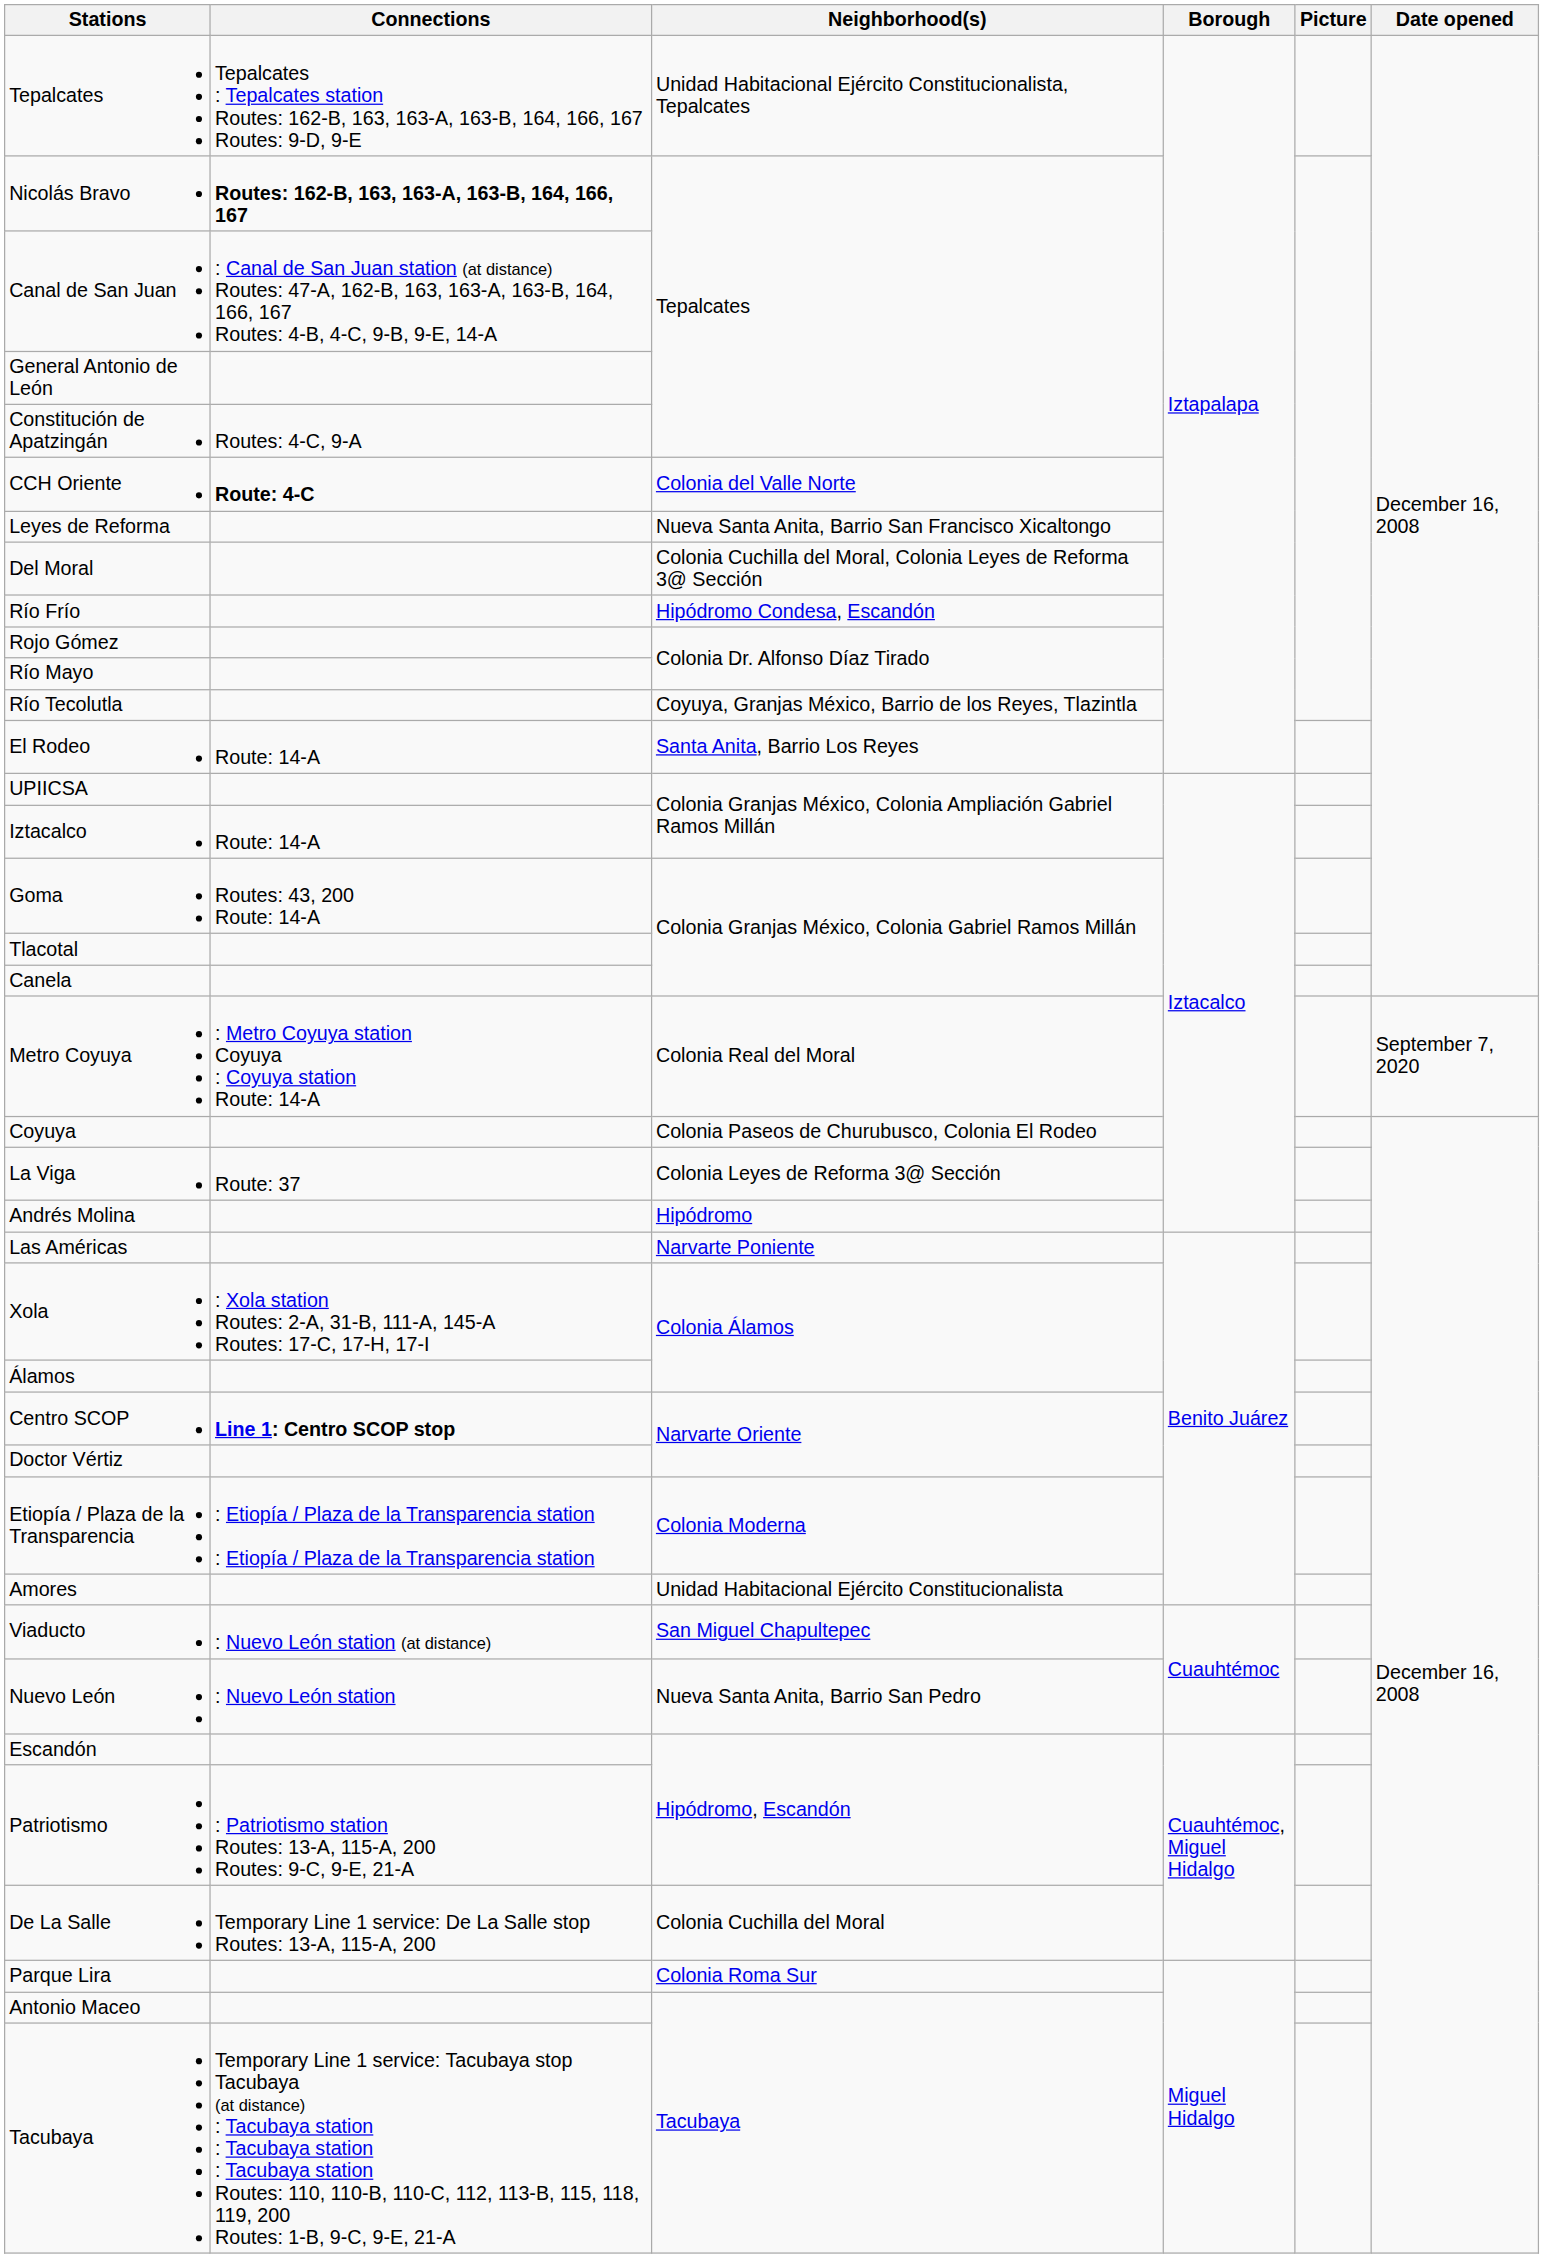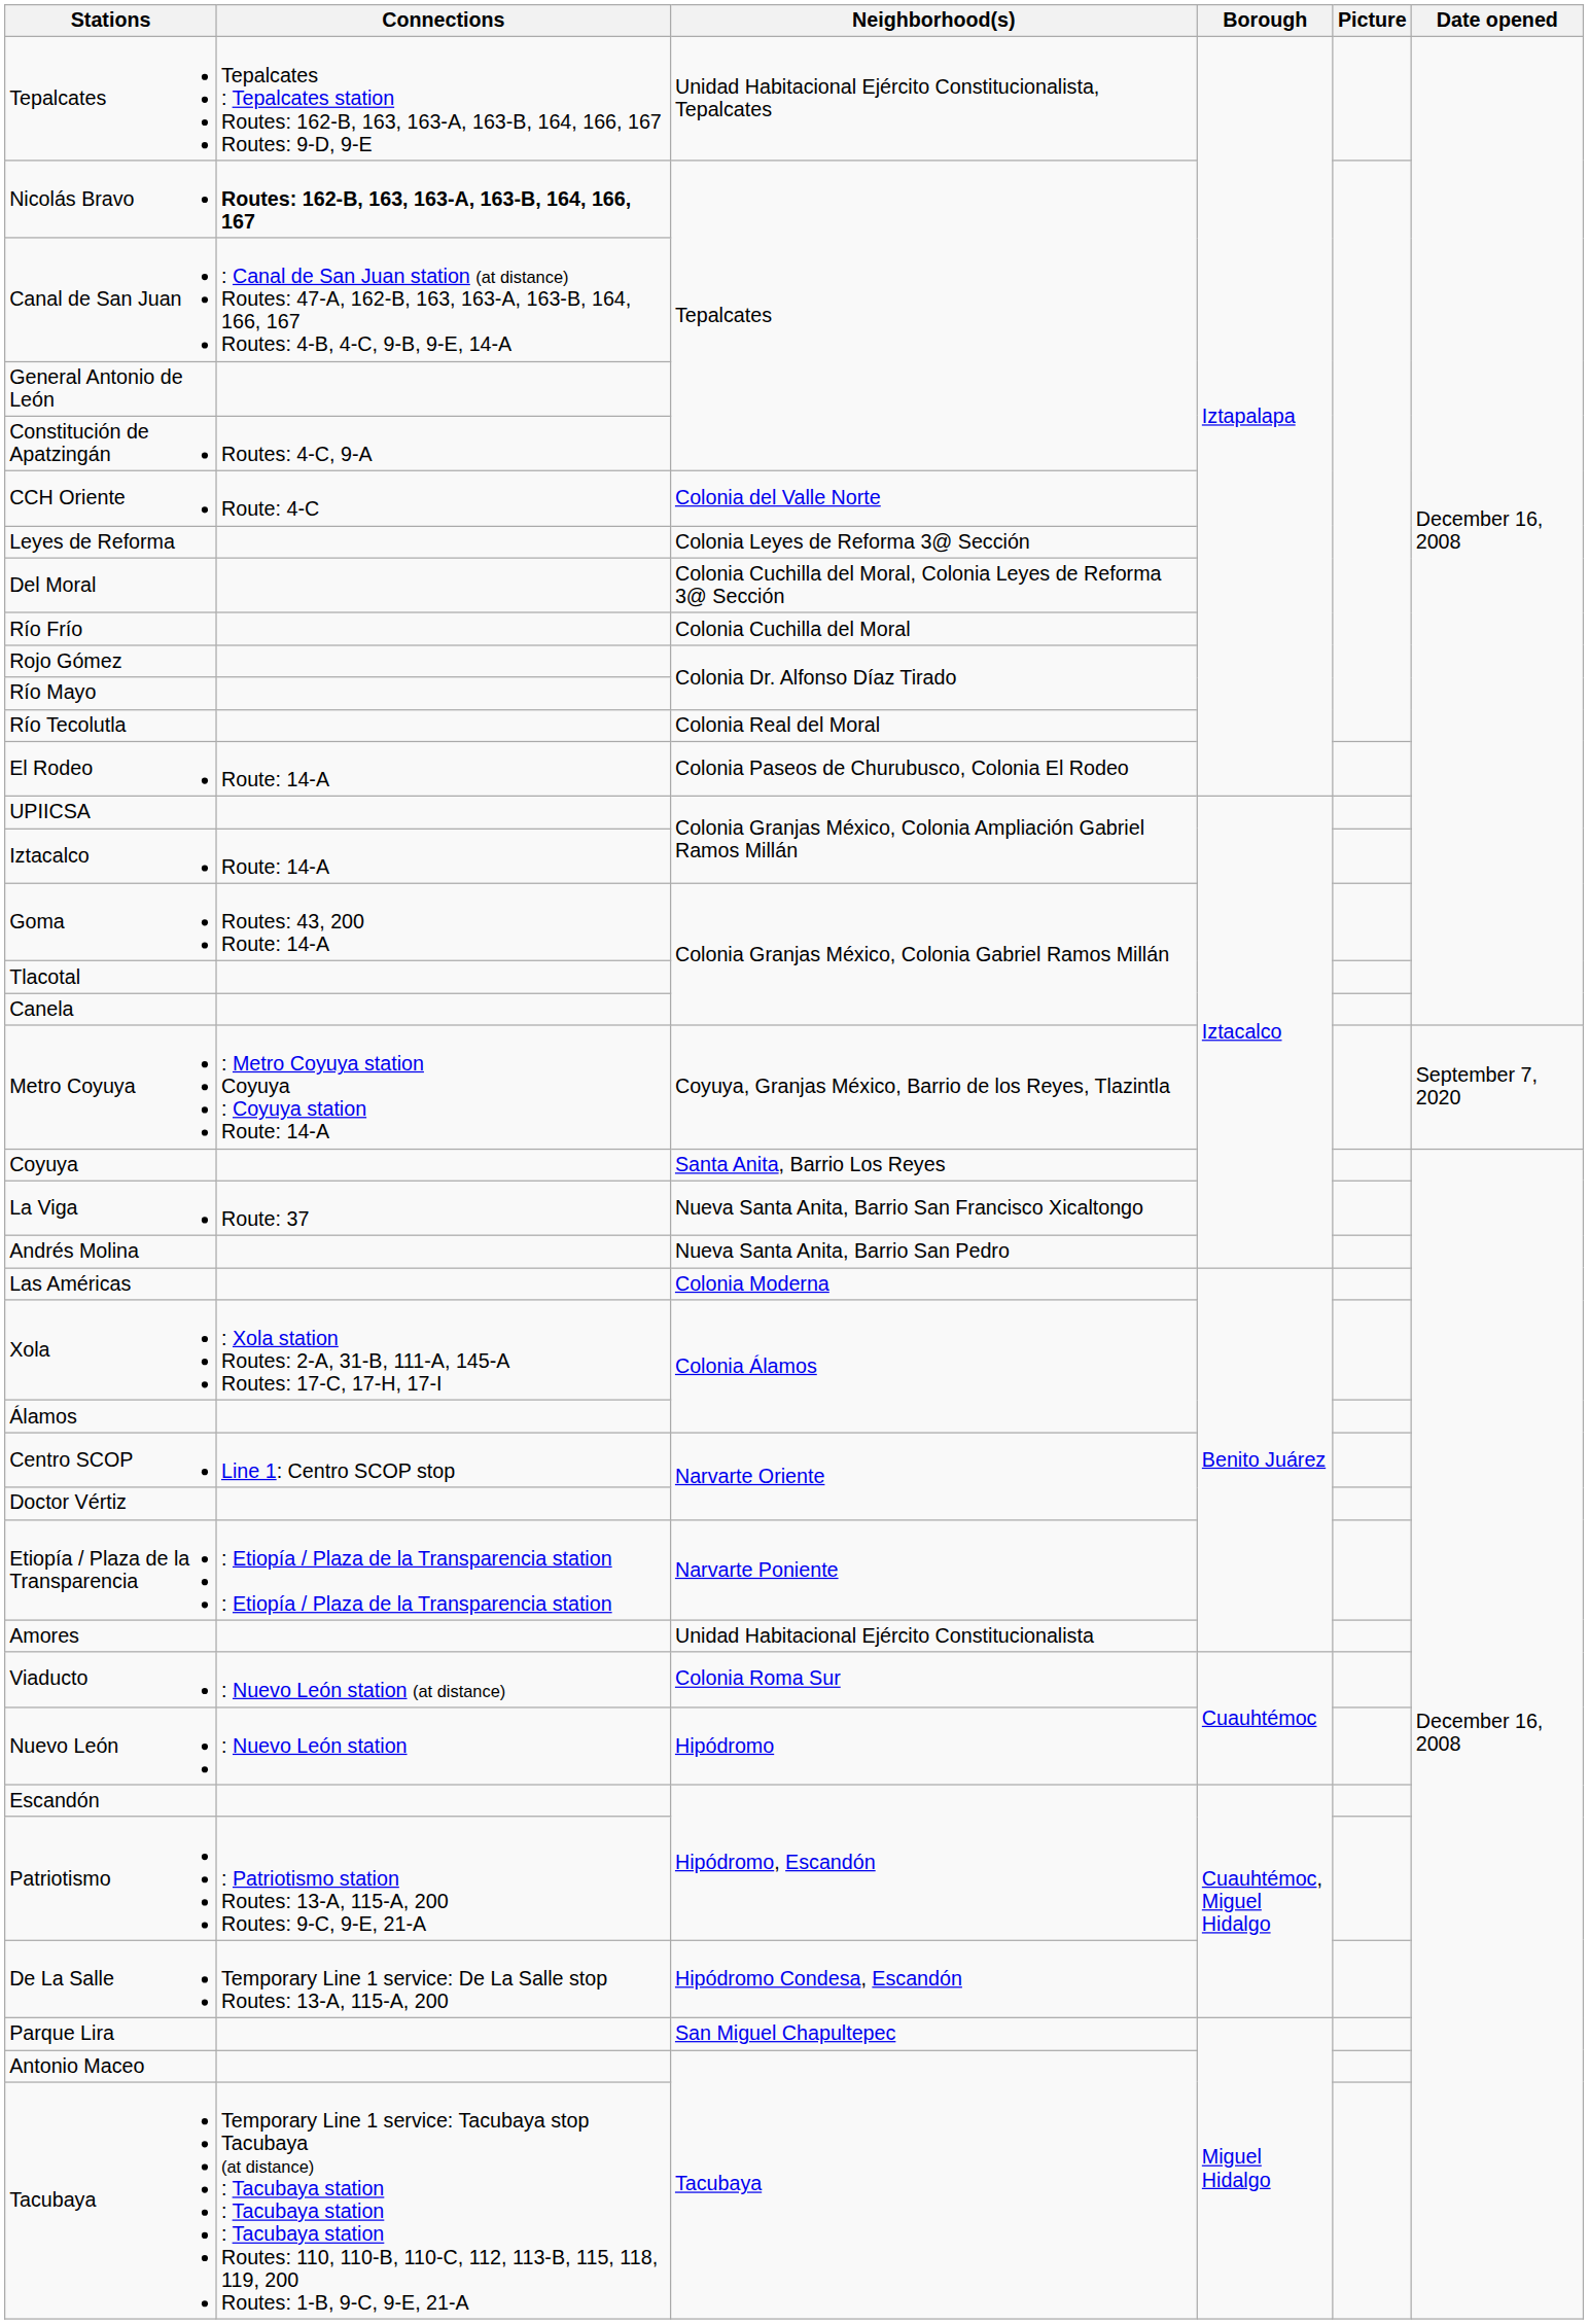 <table class="wikitable">
 <tr>
 <th width="160px">Stations</th>
 <th>Connections</th>
 <th>Neighborhood(s)</th>
 <th width="100px">Borough</th>
 <th>Picture</th>
 <th>Date opened</th>
 </tr>
 <tr>
 <td> Tepalcates</td>
 <td><br><li> Tepalcates</li> <li> : <a href='#'>Tepalcates station</a></li> <li> Routes: 162-B, 163, 163-A, 163-B, 164, 166, 167</li> <li> Routes: 9-D, 9-E</td>
 <td>Unidad Habitacional Ejército Constitucionalista, Tepalcates</td>
 <td rowspan=13><a href='#'>Iztapalapa</a></td>
 <td></td>
 <td rowspan=18>December 16, 2008</td>
 </tr>
 <tr>
 <td> Nicolás Bravo</td>
 <td><strong><br><li> Routes: 162-B, 163, 163-A, 163-B, 164, 166, 167</strong></td>
 <td rowspan=4>Tepalcates</td>
 </tr>
 <tr>
 <td> Canal de San Juan</td>
 <td><br><li> : <a href='#'>Canal de San Juan station</a> <small>(at distance)</small></li> <li> Routes: 47-A, 162-B, 163, 163-A, 163-B, 164, 166, 167</li> <li> Routes: 4-B, 4-C, 9-B, 9-E, 14-A</td>
 </tr>
 <tr>
 <td> General Antonio de León</td>
 <td></td>
 </tr>
 <tr>
 <td> Constitución de Apatzingán</td>
 <td><br><li> Routes: 4-C, 9-A</td>
 </tr>
 <tr>
 <td> CCH Oriente</td>
-<td><strong><br><li> Route: 4-C</strong></td>
+<td><br><li> Route: 4-C</td>
 <td><a href='#'>Colonia del Valle Norte</a></td>
 </tr>
 <tr>
 <td> Leyes de Reforma</td>
 <td></td>
-<td>Nueva Santa Anita, Barrio San Francisco Xicaltongo</td>
+<td>Colonia Leyes de Reforma 3@ Sección</td>
 </tr>
 <tr>
 <td> Del Moral</td>
 <td></td>
 <td>Colonia Cuchilla del Moral, Colonia Leyes de Reforma 3@ Sección</td>
 </tr>
 <tr>
 <td> Río Frío</td>
 <td></td>
-<td><a href='#'>Hipódromo Condesa</a>, <a href='#'>Escandón</a></td>
+<td>Colonia Cuchilla del Moral</td>
 </tr>
 <tr>
 <td> Rojo Gómez</td>
 <td></td>
 <td rowspan=2>Colonia Dr. Alfonso Díaz Tirado</td>
 </tr>
 <tr>
 <td> Río Mayo</td>
 <td></td>
 </tr>
 <tr>
 <td> Río Tecolutla</td>
 <td></td>
-<td>Coyuya, Granjas México, Barrio de los Reyes, Tlazintla</td>
+<td>Colonia Real del Moral</td>
 </tr>
 <tr>
 <td> El Rodeo</td>
 <td><br><li> Route: 14-A</td>
-<td><a href='#'>Santa Anita</a>, Barrio Los Reyes</td>
+<td>Colonia Paseos de Churubusco, Colonia El Rodeo</td>
 <td></td>
 </tr>
 <tr>
 <td> UPIICSA</td>
 <td></td>
 <td rowspan=2>Colonia Granjas México, Colonia Ampliación Gabriel Ramos Millán</td>
 <td rowspan=9><a href='#'>Iztacalco</a></td>
 <td></td>
 </tr>
 <tr>
 <td> Iztacalco</td>
 <td><br><li> Route: 14-A</td>
 <td></td>
 </tr>
 <tr>
 <td> Goma</td>
 <td><br><li> Routes: 43, 200</li> <li> Route: 14-A</td>
 <td rowspan=3>Colonia Granjas México, Colonia Gabriel Ramos Millán</td>
 <td></td>
 </tr>
 <tr>
 <td> Tlacotal</td>
 <td></td>
 <td></td>
 </tr>
 <tr>
 <td> Canela</td>
 <td></td>
 <td></td>
 </tr>
 <tr>
 <td> Metro Coyuya</td>
 <td><br><li> : <a href='#'>Metro Coyuya station</a></li> <li> Coyuya</li> <li> : <a href='#'>Coyuya station</a></li> <li> Route: 14-A</td>
-<td>Colonia Real del Moral</td>
+<td>Coyuya, Granjas México, Barrio de los Reyes, Tlazintla</td>
 <td></td>
 <td>September 7, 2020</td>
 </tr>
 <tr>
 <td> Coyuya</td>
 <td></td>
-<td>Colonia Paseos de Churubusco, Colonia El Rodeo</td>
+<td><a href='#'>Santa Anita</a>, Barrio Los Reyes</td>
 <td></td>
 <td rowspan=18>December 16, 2008</td>
 </tr>
 <tr>
 <td> La Viga</td>
 <td><br><li> Route: 37</td>
-<td>Colonia Leyes de Reforma 3@ Sección</td>
+<td>Nueva Santa Anita, Barrio San Francisco Xicaltongo</td>
 <td></td>
 </tr>
 <tr>
 <td> Andrés Molina</td>
 <td></td>
-<td><a href='#'>Hipódromo</a></td>
+<td>Nueva Santa Anita, Barrio San Pedro</td>
 <td></td>
 </tr>
 <tr>
 <td> Las Américas</td>
 <td></td>
-<td><a href='#'>Narvarte Poniente</a></td>
+<td><a href='#'>Colonia Moderna</a></td>
 <td rowspan=7><a href='#'>Benito Juárez</a></td>
 <td></td>
 </tr>
 <tr>
 <td> Xola</td>
 <td><br><li> : <a href='#'>Xola station</a></li> <li> Routes: 2-A, 31-B, 111-A, 145-A</li> <li> Routes: 17-C, 17-H, 17-I</td>
 <td rowspan=2><a href='#'>Colonia Álamos</a></td>
 <td></td>
 </tr>
 <tr>
 <td> Álamos</td>
 <td></td>
 <td></td>
 </tr>
 <tr>
 <td> Centro SCOP</td>
-<td><strong><br><li> <a href='#'>Line 1</a>: Centro SCOP stop</strong></td>
+<td><br><li> <a href='#'>Line 1</a>: Centro SCOP stop</td>
 <td rowspan=2><a href='#'>Narvarte Oriente</a></td>
 <td></td>
 </tr>
 <tr>
 <td> Doctor Vértiz</td>
 <td></td>
 <td></td>
 </tr>
 <tr>
 <td> Etiopía / Plaza de la Transparencia</td>
 <td><br><li> : <a href='#'>Etiopía / Plaza de la Transparencia station</a> </li> <li></li> <li> : <a href='#'>Etiopía / Plaza de la Transparencia station</a></td>
-<td><a href='#'>Colonia Moderna</a></td>
+<td><a href='#'>Narvarte Poniente</a></td>
 <td></td>
 </tr>
 <tr>
 <td> Amores</td>
 <td></td>
 <td>Unidad Habitacional Ejército Constitucionalista</td>
 <td></td>
 </tr>
 <tr>
 <td> Viaducto</td>
 <td><br><li> : <a href='#'>Nuevo León station</a> <small>(at distance)</small></td>
-<td><a href='#'>San Miguel Chapultepec</a></td>
+<td><a href='#'>Colonia Roma Sur</a></td>
 <td rowspan=2><a href='#'>Cuauhtémoc</a></td>
 <td></td>
 </tr>
 <tr>
 <td> Nuevo León</td>
 <td><br><li> : <a href='#'>Nuevo León station</a></li> <li></td>
-<td>Nueva Santa Anita, Barrio San Pedro</td>
+<td><a href='#'>Hipódromo</a></td>
 <td></td>
 </tr>
 <tr>
 <td> Escandón</td>
 <td></td>
 <td rowspan=2><a href='#'>Hipódromo</a>, <a href='#'>Escandón</a></td>
 <td rowspan=3><a href='#'>Cuauhtémoc</a>, <a href='#'>Miguel Hidalgo</a></td>
 <td></td>
 </tr>
 <tr>
 <td> Patriotismo</td>
 <td><br><li></li> <li> : <a href='#'>Patriotismo station</a></li> <li> Routes: 13-A, 115-A, 200</li> <li> Routes: 9-C, 9-E, 21-A</td>
 <td></td>
 </tr>
 <tr>
 <td> De La Salle</td>
 <td><br><li> Temporary Line 1 service: De La Salle stop</li> <li> Routes: 13-A, 115-A, 200</td>
-<td>Colonia Cuchilla del Moral</td>
+<td><a href='#'>Hipódromo Condesa</a>, <a href='#'>Escandón</a></td>
 <td></td>
 </tr>
 <tr>
 <td> Parque Lira</td>
 <td></td>
-<td><a href='#'>Colonia Roma Sur</a></td>
+<td><a href='#'>San Miguel Chapultepec</a></td>
 <td rowspan=3><a href='#'>Miguel Hidalgo</a></td>
 <td></td>
 </tr>
 <tr>
 <td> Antonio Maceo</td>
 <td></td>
 <td rowspan=2><a href='#'>Tacubaya</a></td>
 <td></td>
 </tr>
 <tr>
 <td> Tacubaya</td>
 <td><br><li> Temporary Line 1 service: Tacubaya stop</li> <li> Tacubaya</li> <li> <small>(at distance)</small></li> <li> : <a href='#'>Tacubaya station</a></li> <li> : <a href='#'>Tacubaya station</a></li> <li> : <a href='#'>Tacubaya station</a></li> <li> Routes: 110, 110-B, 110-C, 112, 113-B, 115, 118, 119, 200</li> <li> Routes: 1-B, 9-C, 9-E, 21-A</td>
 <td></td>
 </tr>
 </table>
